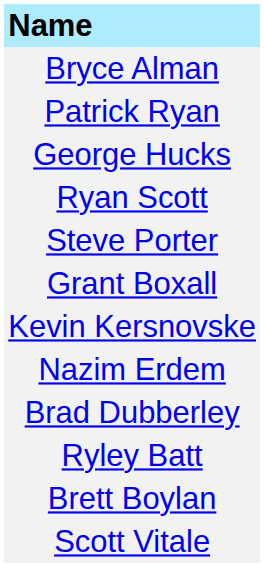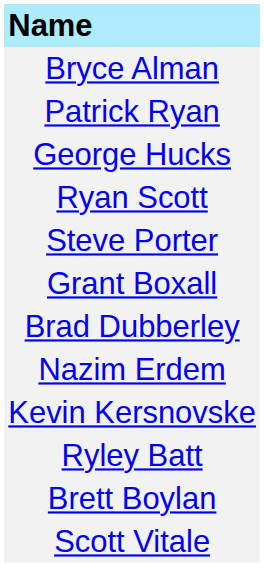 <table border=0 cellpadding=2 cellspacing=0  |- bgcolor=#F2F2F2 style="text-align:center; font-size:90%;">
 <tr bgcolor=#ADEBFD>
 <th align=left>Name</th>
 </tr>
 <tr>
 <td><a href='#'>Bryce Alman</a></td>
 </tr>
 <tr>
 <td><a href='#'>Patrick Ryan</a></td>
 </tr>
 <tr>
 <td><a href='#'>George Hucks</a></td>
 </tr>
 <tr>
 <td><a href='#'>Ryan Scott</a></td>
 </tr>
 <tr>
 <td><a href='#'>Steve Porter</a></td>
 </tr>
 <tr>
 <td><a href='#'>Grant Boxall</a></td>
 </tr>
 <tr>
-<td><a href='#'>Kevin Kersnovske</a></td>
+<td><a href='#'>Brad Dubberley</a></td>
 </tr>
 <tr>
 <td><a href='#'>Nazim Erdem</a></td>
 </tr>
 <tr>
-<td><a href='#'>Brad Dubberley</a></td>
+<td><a href='#'>Kevin Kersnovske</a></td>
 </tr>
 <tr>
 <td><a href='#'>Ryley Batt</a></td>
 </tr>
 <tr>
 <td><a href='#'>Brett Boylan</a></td>
 </tr>
 <tr>
 <td><a href='#'>Scott Vitale</a></td>
 </tr>
 </table>
